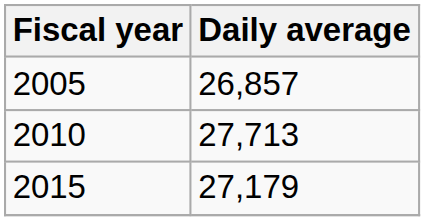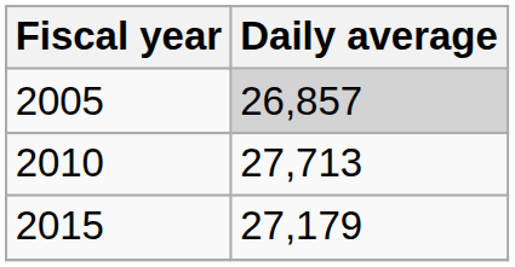 <table class="wikitable">
 <tr>
 <th>Fiscal year</th>
 <th>Daily average</th>
 </tr>
 <tr>
 <td>2005</td>
-<td>26,857</td>
+<td style="background: lightgrey;">26,857</td>
 </tr>
 <tr>
 <td>2010</td>
 <td>27,713</td>
 </tr>
 <tr>
 <td>2015</td>
 <td>27,179</td>
 </tr>
 <tr>
 </tr>
 </table>
